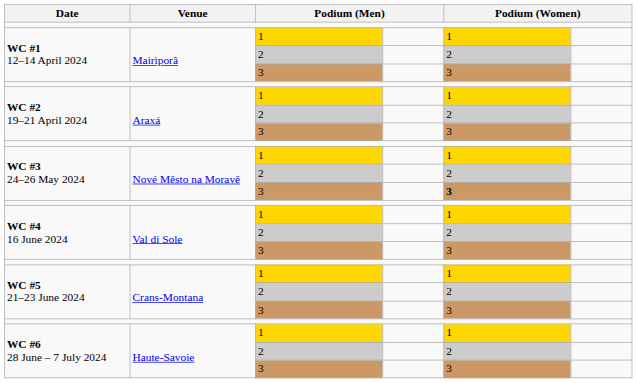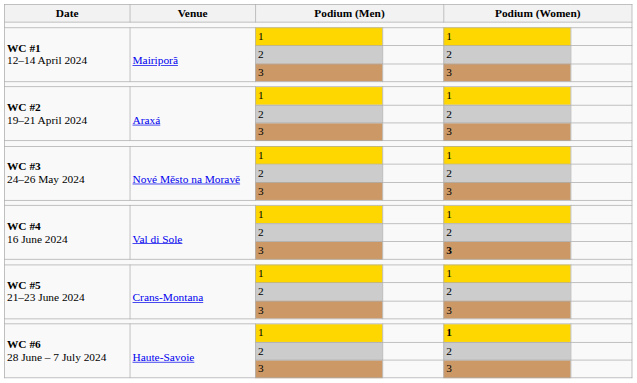 <table class="wikitable" width=70%>
 <tr>
 <th>Date</th>
 <th width=20%>Venue</th>
 <th colspan=2 width=30%>Podium (Men)</th>
 <th colspan=2 width=30%>Podium (Women)</th>
 </tr>
 <tr>
 <td colspan=6></td>
 </tr>
 <tr>
 <td rowspan=3><strong>WC #1</strong> <br> 12–14 April 2024</td>
 <td rowspan=3><br><a href='#'>Mairiporã</a></td>
 <td bgcolor=FFD700>1</td>
 <td></td>
 <td bgcolor=FFD700>1</td>
 <td></td>
 </tr>
 <tr>
 <td bgcolor=CCCCCC>2</td>
 <td></td>
 <td bgcolor=CCCCCC>2</td>
 <td></td>
 </tr>
 <tr>
 <td bgcolor=CC9966>3</td>
 <td></td>
 <td bgcolor=CC9966>3</td>
 <td></td>
 </tr>
 <tr>
 <td colspan=6></td>
 </tr>
 <tr>
 <td rowspan=3><strong>WC #2</strong> <br> 19–21 April 2024</td>
 <td rowspan=3><br><a href='#'>Araxá</a></td>
 <td bgcolor=FFD700>1</td>
 <td></td>
 <td bgcolor=FFD700>1</td>
 <td></td>
 </tr>
 <tr>
 <td bgcolor=CCCCCC>2</td>
 <td></td>
 <td bgcolor=CCCCCC>2</td>
 <td></td>
 </tr>
 <tr>
 <td bgcolor=CC9966>3</td>
 <td></td>
 <td bgcolor=CC9966>3</td>
 <td></td>
 </tr>
 <tr>
 <td colspan=6></td>
 </tr>
 <tr>
 <td rowspan=3><strong>WC #3</strong> <br> 24–26 May 2024</td>
 <td rowspan=3><br><a href='#'>Nové Město na Moravě</a></td>
 <td bgcolor=FFD700>1</td>
 <td></td>
 <td bgcolor=FFD700>1</td>
 <td></td>
 </tr>
 <tr>
 <td bgcolor=CCCCCC>2</td>
 <td></td>
 <td bgcolor=CCCCCC>2</td>
 <td></td>
 </tr>
 <tr>
 <td bgcolor=CC9966>3</td>
 <td></td>
-<td bgcolor=CC9966><strong>3</strong></td>
+<td bgcolor=CC9966>3</td>
 <td></td>
 </tr>
 <tr>
 <td colspan=6></td>
 </tr>
 <tr>
 <td rowspan=3><strong>WC #4</strong> <br> 16 June 2024</td>
 <td rowspan=3><br><a href='#'>Val di Sole</a></td>
 <td bgcolor=FFD700>1</td>
 <td></td>
 <td bgcolor=FFD700>1</td>
 <td></td>
 </tr>
 <tr>
 <td bgcolor=CCCCCC>2</td>
 <td></td>
 <td bgcolor=CCCCCC>2</td>
 <td></td>
 </tr>
 <tr>
 <td bgcolor=CC9966>3</td>
 <td></td>
-<td bgcolor=CC9966>3</td>
+<td bgcolor=CC9966><strong>3</strong></td>
 <td></td>
 </tr>
 <tr>
 <td colspan=6></td>
 </tr>
 <tr>
 <td rowspan=3><strong>WC #5</strong> <br> 21–23 June 2024</td>
 <td rowspan=3><br><a href='#'>Crans-Montana</a></td>
 <td bgcolor=FFD700>1</td>
 <td></td>
 <td bgcolor=FFD700>1</td>
 <td></td>
 </tr>
 <tr>
 <td bgcolor=CCCCCC>2</td>
 <td></td>
 <td bgcolor=CCCCCC>2</td>
 <td></td>
 </tr>
 <tr>
 <td bgcolor=CC9966>3</td>
 <td></td>
 <td bgcolor=CC9966>3</td>
 <td></td>
 </tr>
 <tr>
 <td colspan=6></td>
 </tr>
 <tr>
 <td rowspan=3><strong>WC #6</strong> <br> 28 June – 7 July 2024</td>
 <td rowspan=3><br><a href='#'>Haute-Savoie</a></td>
 <td bgcolor=FFD700>1</td>
 <td></td>
-<td bgcolor=FFD700>1</td>
+<td bgcolor=FFD700><strong>1</strong></td>
 <td></td>
 </tr>
 <tr>
 <td bgcolor=CCCCCC>2</td>
 <td></td>
 <td bgcolor=CCCCCC>2</td>
 <td></td>
 </tr>
 <tr>
 <td bgcolor=CC9966>3</td>
 <td></td>
 <td bgcolor=CC9966>3</td>
 <td></td>
 </tr>
 </table>
